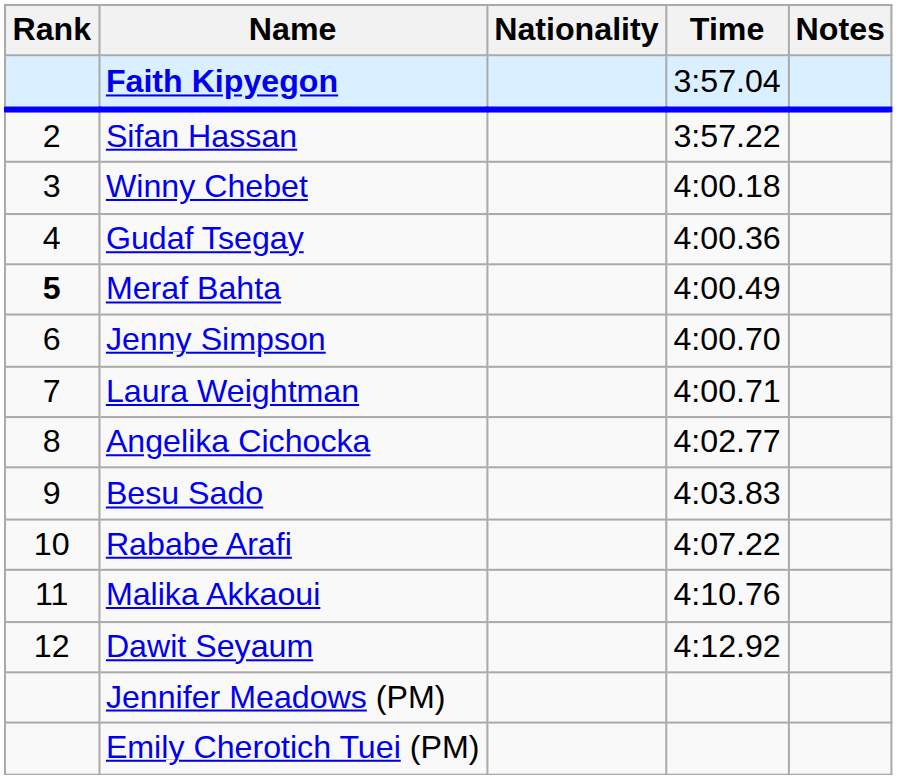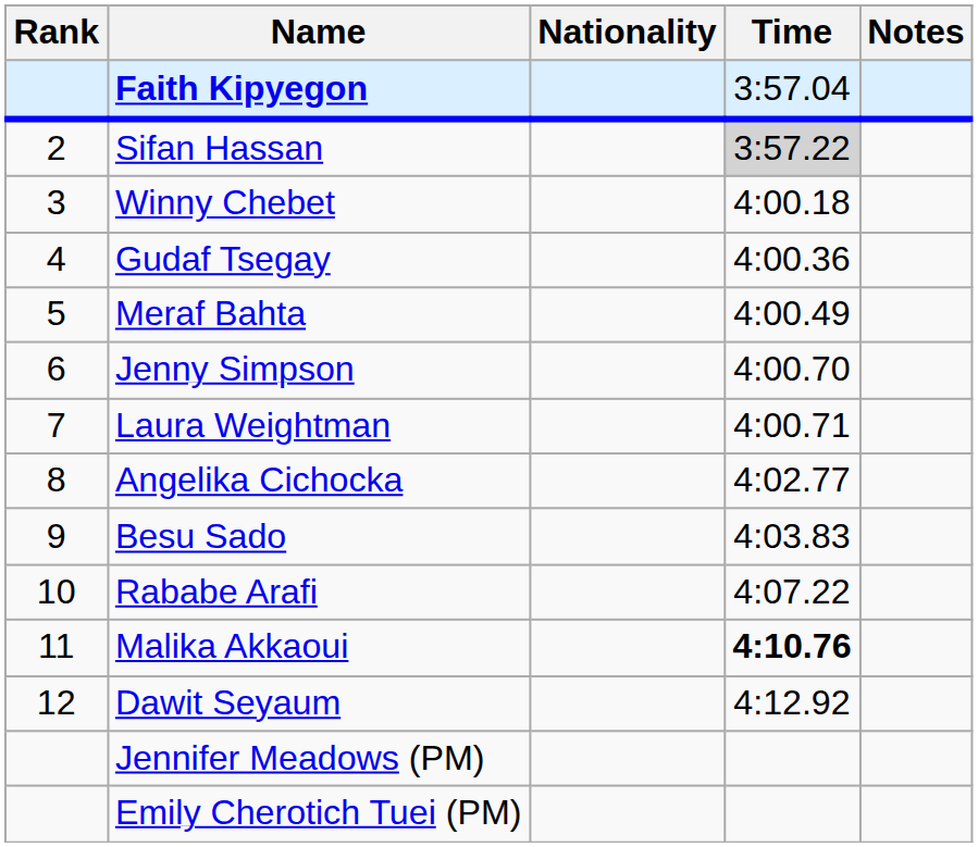 <table class="wikitable sortable" style="text-align:center">
 <tr>
 <th>Rank</th>
 <th>Name</th>
 <th>Nationality</th>
 <th>Time</th>
 <th>Notes</th>
 </tr>
 <tr bgcolor=#daefff>
 <td></td>
 <td align=left><strong><a href='#'>Faith Kipyegon</a></strong></td>
 <td align=left><strong></strong></td>
 <td>3:57.04</td>
 <td></td>
 </tr>
 <tr style="border-top:3px solid blue;">
 <td>2</td>
 <td align=left><a href='#'>Sifan Hassan</a></td>
 <td align=left></td>
-<td>3:57.22</td>
+<td style="background: lightgrey;">3:57.22</td>
 <td></td>
 </tr>
 <tr>
 <td>3</td>
 <td align=left><a href='#'>Winny Chebet</a></td>
 <td align=left></td>
 <td>4:00.18</td>
 <td></td>
 </tr>
 <tr>
 <td>4</td>
 <td align=left><a href='#'>Gudaf Tsegay</a></td>
 <td align=left></td>
 <td>4:00.36</td>
 <td></td>
 </tr>
 <tr>
-<td><strong>5</strong></td>
+<td>5</td>
 <td align=left><a href='#'>Meraf Bahta</a></td>
 <td align=left></td>
 <td>4:00.49</td>
 <td></td>
 </tr>
 <tr>
 <td>6</td>
 <td align=left><a href='#'>Jenny Simpson</a></td>
 <td align=left></td>
 <td>4:00.70</td>
 <td></td>
 </tr>
 <tr>
 <td>7</td>
 <td align=left><a href='#'>Laura Weightman</a></td>
 <td align=left></td>
 <td>4:00.71</td>
 <td></td>
 </tr>
 <tr>
 <td>8</td>
 <td align=left><a href='#'>Angelika Cichocka</a></td>
 <td align=left></td>
 <td>4:02.77</td>
 <td></td>
 </tr>
 <tr>
 <td>9</td>
 <td align=left><a href='#'>Besu Sado</a></td>
 <td align=left></td>
 <td>4:03.83</td>
 <td></td>
 </tr>
 <tr>
 <td>10</td>
 <td align=left><a href='#'>Rababe Arafi</a></td>
 <td align=left></td>
 <td>4:07.22</td>
 <td></td>
 </tr>
 <tr>
 <td>11</td>
 <td align=left><a href='#'>Malika Akkaoui</a></td>
 <td align=left></td>
-<td>4:10.76</td>
+<td><strong>4:10.76</strong></td>
 <td></td>
 </tr>
 <tr>
 <td>12</td>
 <td align=left><a href='#'>Dawit Seyaum</a></td>
 <td align=left></td>
 <td>4:12.92</td>
 <td></td>
 </tr>
 <tr>
 <td></td>
 <td align=left><a href='#'>Jennifer Meadows</a> (PM)</td>
 <td align=left></td>
 <td></td>
 <td></td>
 </tr>
 <tr>
 <td></td>
 <td align=left><a href='#'>Emily Cherotich Tuei</a> (PM)</td>
 <td align=left></td>
 <td></td>
 <td></td>
 </tr>
 <tr>
 </tr>
 </table>
